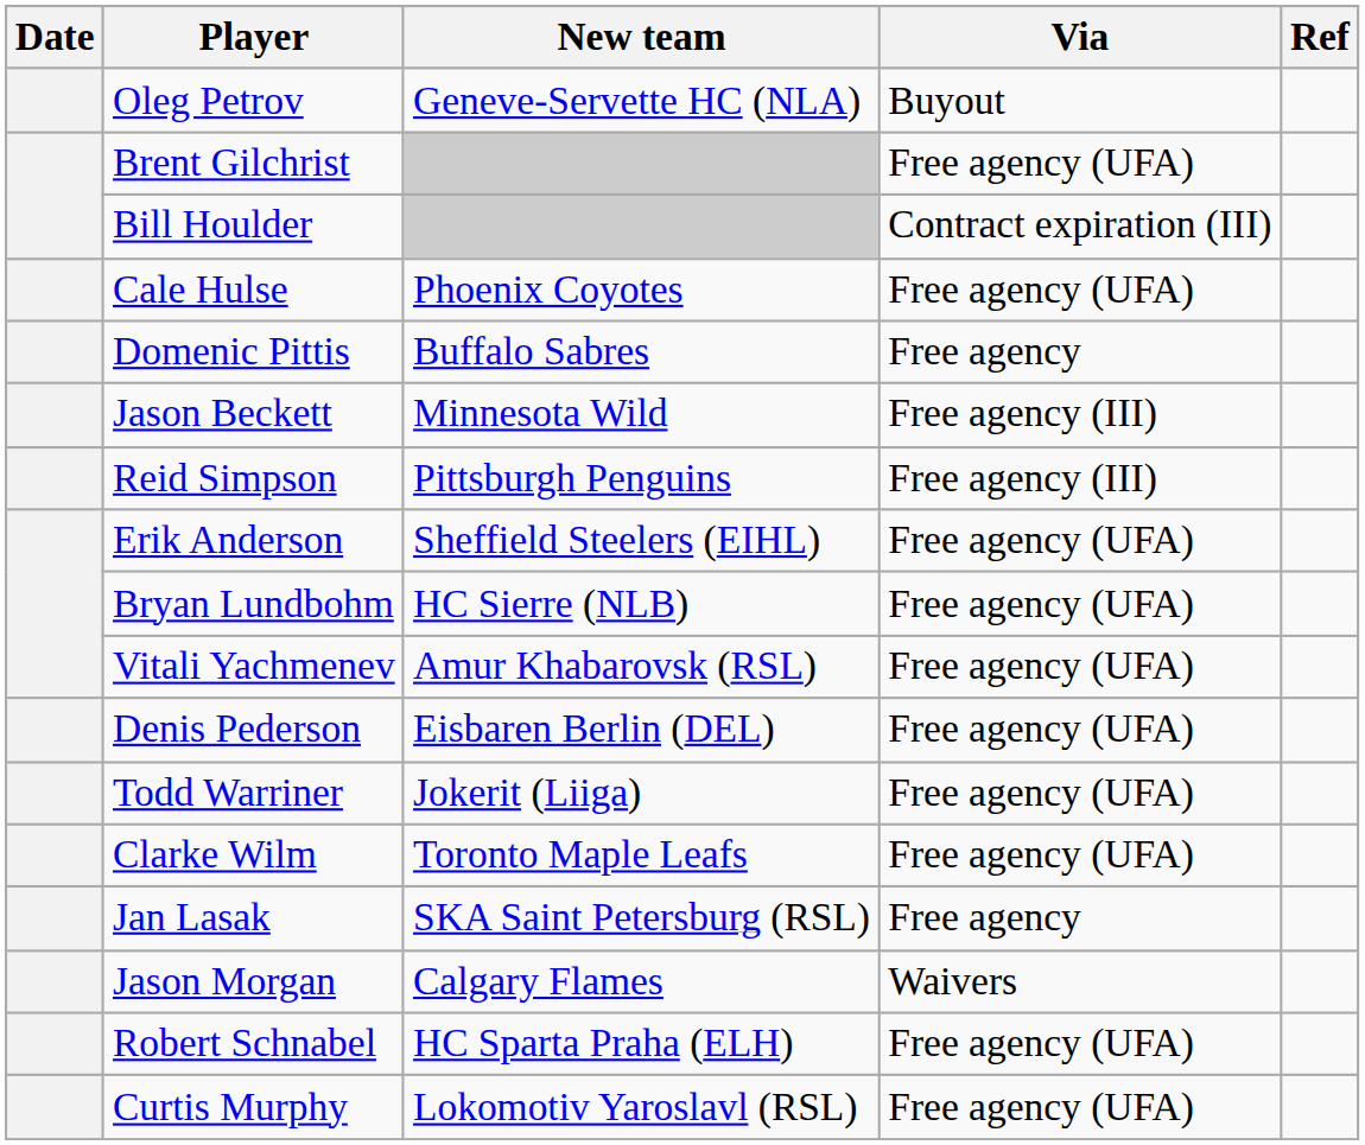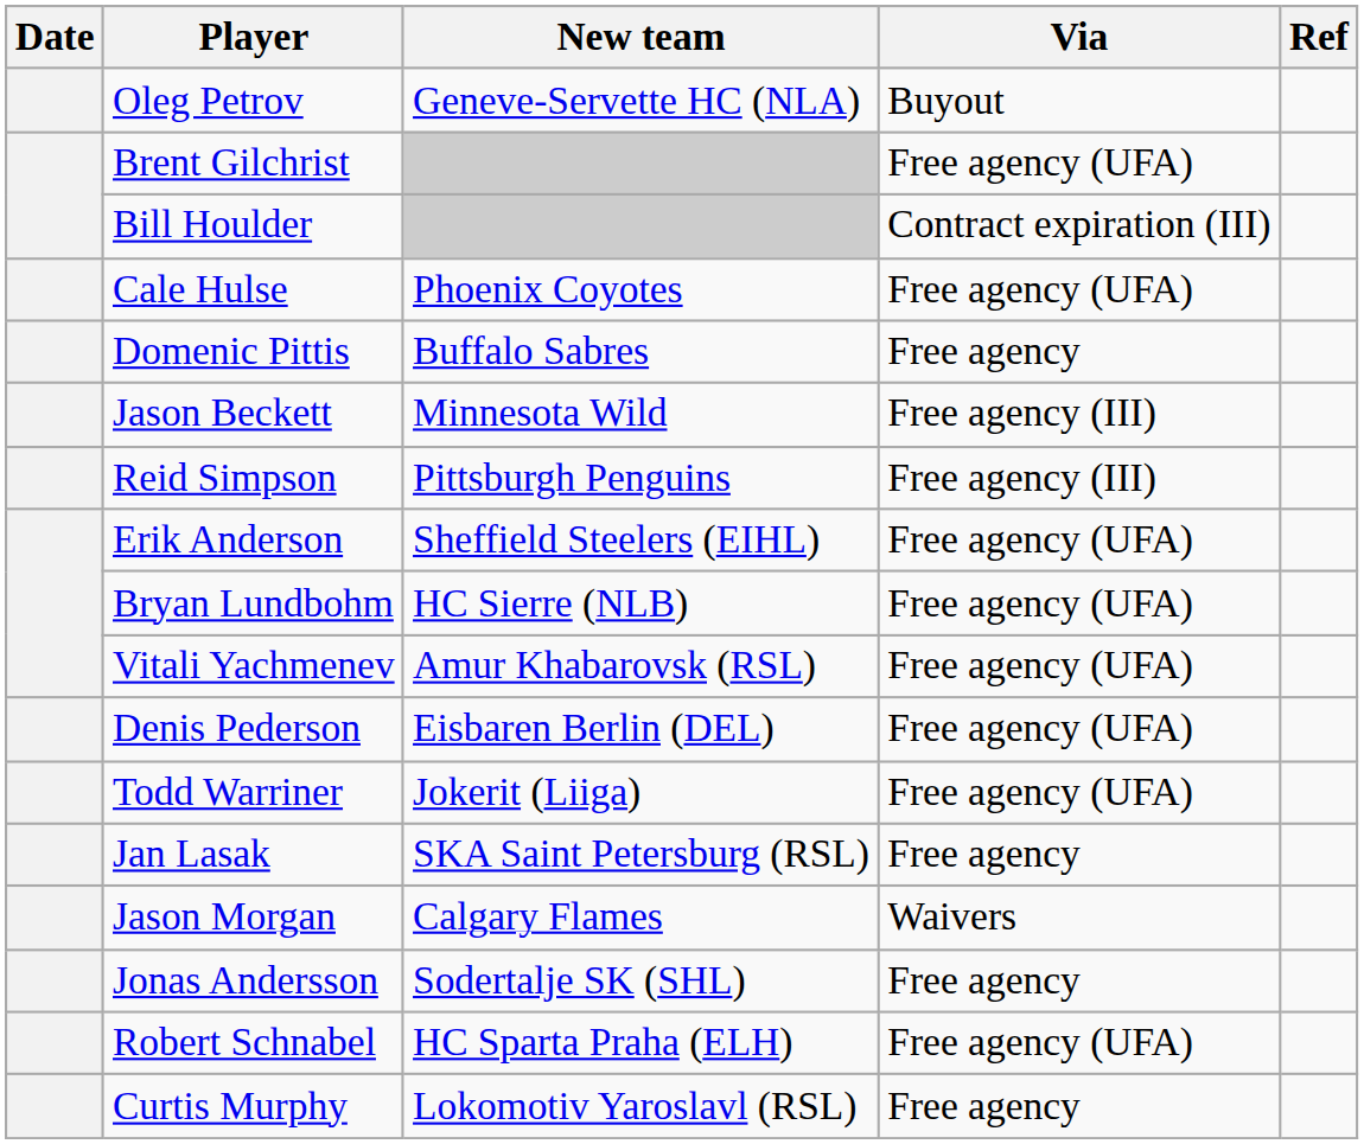 <table class="wikitable plainrowheaders">
 <tr style="background:#ddd; text-align:center;">
 <th>Date</th>
 <th>Player</th>
 <th>New team</th>
 <th>Via</th>
 <th>Ref</th>
 </tr>
 <tr>
 <th scope="row"></th>
 <td><a href='#'>Oleg Petrov</a></td>
 <td><a href='#'>Geneve-Servette HC</a> (<a href='#'>NLA</a>)</td>
 <td>Buyout</td>
 <td></td>
 </tr>
 <tr>
 <th scope="row" rowspan=2></th>
 <td><a href='#'>Brent Gilchrist</a></td>
 <td style="background:#ccc"></td>
 <td>Free agency (UFA)</td>
 <td></td>
 </tr>
 <tr>
 <td><a href='#'>Bill Houlder</a></td>
 <td style="background:#ccc"></td>
 <td>Contract expiration (III)</td>
 <td></td>
 </tr>
 <tr>
 <th scope="row"></th>
 <td><a href='#'>Cale Hulse</a></td>
 <td><a href='#'>Phoenix Coyotes</a></td>
 <td>Free agency (UFA)</td>
 <td></td>
 </tr>
 <tr>
 <th scope="row"></th>
 <td><a href='#'>Domenic Pittis</a></td>
 <td><a href='#'>Buffalo Sabres</a></td>
 <td>Free agency</td>
 <td></td>
 </tr>
 <tr>
 <th scope="row"></th>
 <td><a href='#'>Jason Beckett</a></td>
 <td><a href='#'>Minnesota Wild</a></td>
 <td>Free agency (III)</td>
 <td></td>
 </tr>
 <tr>
 <th scope="row"></th>
 <td><a href='#'>Reid Simpson</a></td>
 <td><a href='#'>Pittsburgh Penguins</a></td>
 <td>Free agency (III)</td>
 <td></td>
 </tr>
 <tr>
 <th scope="row" rowspan=3></th>
 <td><a href='#'>Erik Anderson</a></td>
 <td><a href='#'>Sheffield Steelers</a> (<a href='#'>EIHL</a>)</td>
 <td>Free agency (UFA)</td>
 <td></td>
 </tr>
 <tr>
 <td><a href='#'>Bryan Lundbohm</a></td>
 <td><a href='#'>HC Sierre</a> (<a href='#'>NLB</a>)</td>
 <td>Free agency (UFA)</td>
 <td></td>
 </tr>
 <tr>
 <td><a href='#'>Vitali Yachmenev</a></td>
 <td><a href='#'>Amur Khabarovsk</a> (<a href='#'>RSL</a>)</td>
 <td>Free agency (UFA)</td>
 <td></td>
 </tr>
 <tr>
 <th scope="row"></th>
 <td><a href='#'>Denis Pederson</a></td>
 <td><a href='#'>Eisbaren Berlin</a> (<a href='#'>DEL</a>)</td>
 <td>Free agency (UFA)</td>
 <td></td>
 </tr>
 <tr>
 <th scope="row"></th>
 <td><a href='#'>Todd Warriner</a></td>
 <td><a href='#'>Jokerit</a> (<a href='#'>Liiga</a>)</td>
 <td>Free agency (UFA)</td>
 <td></td>
 </tr>
 <tr>
 <th scope="row"></th>
-<td><a href='#'>Clarke Wilm</a></td>
-<td><a href='#'>Toronto Maple Leafs</a></td>
-<td>Free agency (UFA)</td>
-<td></td>
-</tr>
-<tr>
-<th scope="row"></th>
 <td><a href='#'>Jan Lasak</a></td>
 <td><a href='#'>SKA Saint Petersburg</a> (RSL)</td>
 <td>Free agency</td>
 <td></td>
 </tr>
 <tr>
 <th scope="row"></th>
 <td><a href='#'>Jason Morgan</a></td>
 <td><a href='#'>Calgary Flames</a></td>
 <td>Waivers</td>
 <td></td>
 </tr>
 <tr>
 <th scope="row"></th>
+<td><a href='#'>Jonas Andersson</a></td>
+<td><a href='#'>Sodertalje SK</a> (<a href='#'>SHL</a>)</td>
+<td>Free agency</td>
+<td></td>
+</tr>
+<tr>
+<th scope="row"></th>
 <td><a href='#'>Robert Schnabel</a></td>
 <td><a href='#'>HC Sparta Praha</a> (<a href='#'>ELH</a>)</td>
 <td>Free agency (UFA)</td>
 <td></td>
 </tr>
 <tr>
 <th scope="row"></th>
 <td><a href='#'>Curtis Murphy</a></td>
 <td><a href='#'>Lokomotiv Yaroslavl</a> (RSL)</td>
-<td>Free agency (UFA)</td>
+<td>Free agency</td>
 <td></td>
 </tr>
 </table>
